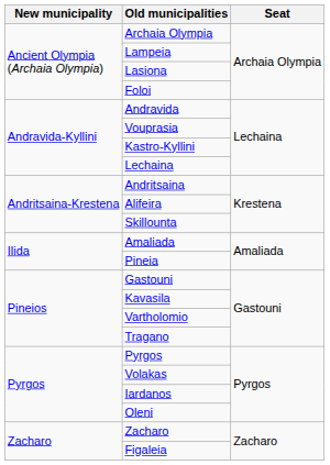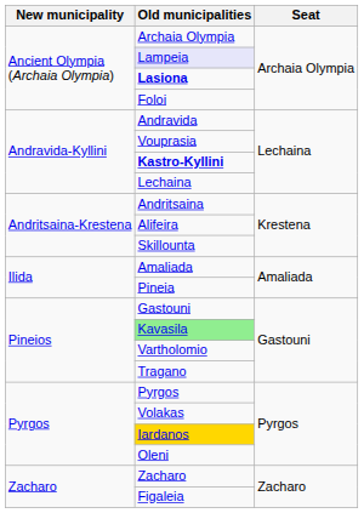 <table class="wikitable">
 <tr>
 <th>New municipality</th>
 <th>Old municipalities</th>
 <th>Seat</th>
 </tr>
 <tr>
 <td rowspan=4><a href='#'>Ancient Olympia</a><br>(<em>Archaia Olympia</em>)</td>
 <td><a href='#'>Archaia Olympia</a></td>
 <td rowspan=4>Archaia Olympia</td>
 </tr>
 <tr>
-<td><a href='#'>Lampeia</a></td>
+<td style="background: lavender;"><a href='#'>Lampeia</a></td>
 </tr>
 <tr>
-<td><a href='#'>Lasiona</a></td>
+<td><strong><a href='#'>Lasiona</a></strong></td>
 </tr>
 <tr>
 <td><a href='#'>Foloi</a></td>
 </tr>
 <tr>
 <td rowspan=4><a href='#'>Andravida-Kyllini</a></td>
 <td><a href='#'>Andravida</a></td>
 <td rowspan=4>Lechaina</td>
 </tr>
 <tr>
 <td><a href='#'>Vouprasia</a></td>
 </tr>
 <tr>
-<td><a href='#'>Kastro-Kyllini</a></td>
+<td><strong><a href='#'>Kastro-Kyllini</a></strong></td>
 </tr>
 <tr>
 <td><a href='#'>Lechaina</a></td>
 </tr>
 <tr>
 <td rowspan=3><a href='#'>Andritsaina-Krestena</a></td>
 <td><a href='#'>Andritsaina</a></td>
 <td rowspan=3>Krestena</td>
 </tr>
 <tr>
 <td><a href='#'>Alifeira</a></td>
 </tr>
 <tr>
 <td><a href='#'>Skillounta</a></td>
 </tr>
 <tr>
 <td rowspan=2><a href='#'>Ilida</a></td>
 <td><a href='#'>Amaliada</a></td>
 <td rowspan=2>Amaliada</td>
 </tr>
 <tr>
 <td><a href='#'>Pineia</a></td>
 </tr>
 <tr>
 <td rowspan=4><a href='#'>Pineios</a></td>
 <td><a href='#'>Gastouni</a></td>
 <td rowspan=4>Gastouni</td>
 </tr>
 <tr>
-<td><a href='#'>Kavasila</a></td>
+<td style="background: lightgreen;"><a href='#'>Kavasila</a></td>
 </tr>
 <tr>
 <td><a href='#'>Vartholomio</a></td>
 </tr>
 <tr>
 <td><a href='#'>Tragano</a></td>
 </tr>
 <tr>
 <td rowspan=4><a href='#'>Pyrgos</a></td>
 <td><a href='#'>Pyrgos</a></td>
 <td rowspan=4>Pyrgos</td>
 </tr>
 <tr>
 <td><a href='#'>Volakas</a></td>
 </tr>
 <tr>
-<td><a href='#'>Iardanos</a></td>
+<td style="background: gold;"><a href='#'>Iardanos</a></td>
 </tr>
 <tr>
 <td><a href='#'>Oleni</a></td>
 </tr>
 <tr>
 <td rowspan=2><a href='#'>Zacharo</a></td>
 <td><a href='#'>Zacharo</a></td>
 <td rowspan=2>Zacharo</td>
 </tr>
 <tr>
 <td><a href='#'>Figaleia</a></td>
 </tr>
 </table>
